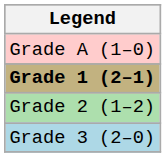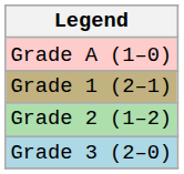 <table class="wikitable" style="font-size:85%;">
 <tr>
 <th>Legend</th>
 </tr>
 <tr style="background:#ffcccc;">
 <td>Grade A (1–0)</td>
 </tr>
 <tr style="background:#c2b280;">
-<td><strong>Grade 1 (2–1)</strong></td>
+<td>Grade 1 (2–1)</td>
 </tr>
 <tr style="background:#addfad;">
 <td>Grade 2 (1–2)</td>
 </tr>
 <tr style="background:lightblue;">
 <td>Grade 3 (2–0)</td>
 </tr>
 </table>
